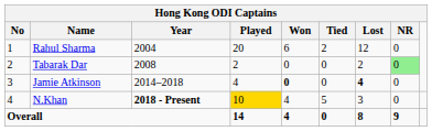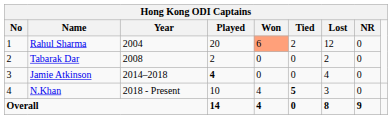 <table class="wikitable" width="70%">
 <tr>
 <th bgcolor="#efefef" colspan=9>Hong Kong ODI Captains</th>
 </tr>
 <tr bgcolor="#efefef">
 <th>No</th>
 <th>Name</th>
 <th>Year</th>
 <th>Played</th>
 <th>Won</th>
 <th>Tied</th>
 <th>Lost</th>
 <th>NR</th>
 </tr>
 <tr>
 <td>1</td>
 <td><a href='#'>Rahul Sharma</a></td>
 <td>2004</td>
 <td>20</td>
-<td>6</td>
+<td style="background: lightsalmon;">6</td>
 <td>2</td>
 <td>12</td>
 <td>0</td>
 </tr>
 <tr>
 <td>2</td>
 <td><a href='#'>Tabarak Dar</a></td>
 <td>2008</td>
 <td>2</td>
 <td>0</td>
 <td>0</td>
 <td>2</td>
-<td style="background: lightgreen;">0</td>
+<td>0</td>
 </tr>
 <tr>
 <td>3</td>
 <td><a href='#'>Jamie Atkinson</a></td>
 <td>2014–2018</td>
+<td><strong>4</strong></td>
+<td>0</td>
+<td>0</td>
 <td>4</td>
-<td><strong>0</strong></td>
-<td>0</td>
-<td><strong>4</strong></td>
 <td>0</td>
 </tr>
 <tr>
 <td>4</td>
 <td><a href='#'>N.Khan</a></td>
-<td><strong>2018 - Present</strong></td>
-<td style="background: gold;">10</td>
+<td>2018 - Present</td>
+<td>10</td>
 <td>4</td>
-<td>5</td>
+<td><strong>5</strong></td>
 <td>3</td>
 <td>0</td>
 <td></td>
 </tr>
 <tr>
 <td colspan=3><strong>Overall</strong></td>
 <td><strong>14</strong></td>
 <td><strong>4</strong></td>
 <td><strong>0</strong></td>
 <td><strong>8</strong></td>
 <td><strong>9</strong></td>
 </tr>
 </table>
